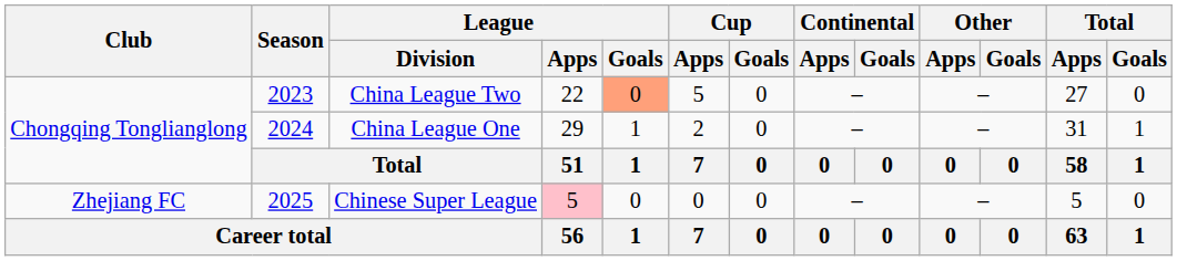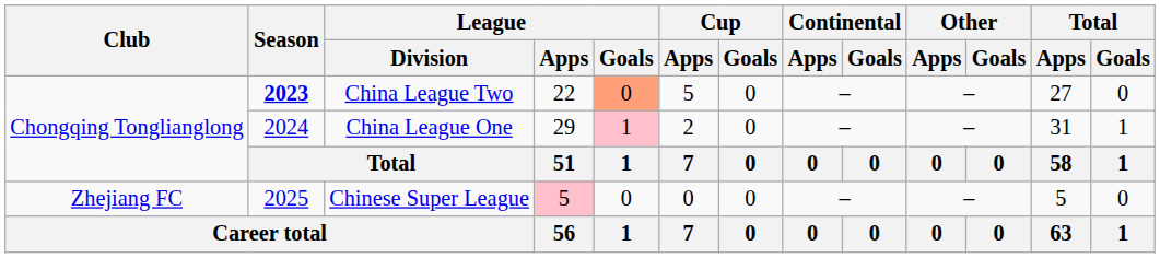 <table class="wikitable" style="text-align: center">
 <tr>
 <th rowspan="2">Club</th>
 <th rowspan="2">Season</th>
 <th colspan="3">League</th>
 <th colspan="2">Cup</th>
 <th colspan="2">Continental</th>
 <th colspan="2">Other</th>
 <th colspan="2">Total</th>
 </tr>
 <tr>
 <th>Division</th>
 <th>Apps</th>
 <th>Goals</th>
 <th>Apps</th>
 <th>Goals</th>
 <th>Apps</th>
 <th>Goals</th>
 <th>Apps</th>
 <th>Goals</th>
 <th>Apps</th>
 <th>Goals</th>
 </tr>
 <tr>
 <td rowspan="3"><a href='#'>Chongqing Tonglianglong</a></td>
-<td><a href='#'>2023</a></td>
+<td><strong><a href='#'>2023</a></strong></td>
 <td><a href='#'>China League Two</a></td>
 <td>22</td>
 <td style="background: lightsalmon;">0</td>
 <td>5</td>
 <td>0</td>
 <td colspan="2">–</td>
 <td colspan="2">–</td>
 <td>27</td>
 <td>0</td>
 </tr>
 <tr>
 <td><a href='#'>2024</a></td>
 <td><a href='#'>China League One</a></td>
 <td>29</td>
-<td>1</td>
+<td style="background: pink;">1</td>
 <td>2</td>
 <td>0</td>
 <td colspan="2">–</td>
 <td colspan="2">–</td>
 <td>31</td>
 <td>1</td>
 </tr>
 <tr>
 <th colspan=2>Total</th>
 <th>51</th>
 <th>1</th>
 <th>7</th>
 <th>0</th>
 <th>0</th>
 <th>0</th>
 <th>0</th>
 <th>0</th>
 <th>58</th>
 <th>1</th>
 </tr>
 <tr>
 <td rowspan="1"><a href='#'>Zhejiang FC</a></td>
 <td><a href='#'>2025</a></td>
 <td><a href='#'>Chinese Super League</a></td>
 <td style="background: pink;">5</td>
 <td>0</td>
 <td>0</td>
 <td>0</td>
 <td colspan="2">–</td>
 <td colspan="2">–</td>
 <td>5</td>
 <td>0</td>
 </tr>
 <tr>
 <th colspan=3>Career total</th>
 <th>56</th>
 <th>1</th>
 <th>7</th>
 <th>0</th>
 <th>0</th>
 <th>0</th>
 <th>0</th>
 <th>0</th>
 <th>63</th>
 <th>1</th>
 </tr>
 </table>
